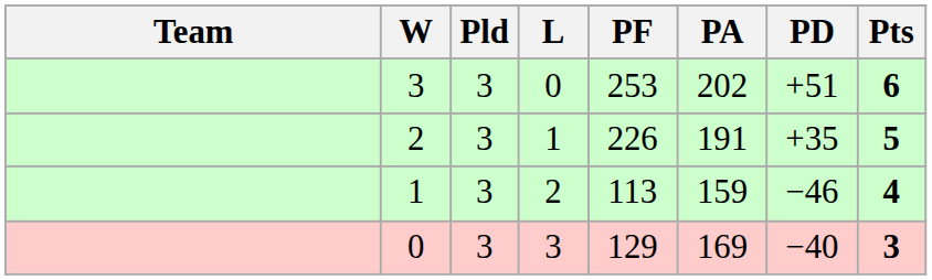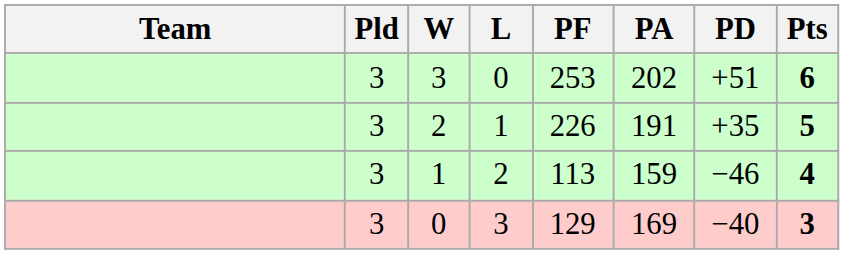 <table class="wikitable" style="text-align:center;">
 <tr>
 <th width=170>Team</th>
+<th width=25>Pld</th>
 <th width=25>W</th>
-<th width=25>Pld</th>
 <th width=25>L</th>
 <th width=35>PF</th>
 <th width=35>PA</th>
 <th width=35>PD</th>
 <th width=25>Pts</th>
 </tr>
 <tr bgcolor=ccffcc>
 <td align="left"></td>
 <td>3</td>
 <td>3</td>
 <td>0</td>
 <td>253</td>
 <td>202</td>
 <td>+51</td>
 <td><strong>6</strong></td>
 </tr>
 <tr bgcolor=ccffcc>
 <td align="left"></td>
+<td>3</td>
 <td>2</td>
-<td>3</td>
 <td>1</td>
 <td>226</td>
 <td>191</td>
 <td>+35</td>
 <td><strong>5</strong></td>
 </tr>
 <tr bgcolor=ccffcc>
 <td align="left"></td>
+<td>3</td>
 <td>1</td>
-<td>3</td>
 <td>2</td>
 <td>113</td>
 <td>159</td>
 <td>−46</td>
 <td><strong>4</strong></td>
 </tr>
 <tr bgcolor=ffcccc>
 <td align="left"></td>
+<td>3</td>
 <td>0</td>
-<td>3</td>
 <td>3</td>
 <td>129</td>
 <td>169</td>
 <td>−40</td>
 <td><strong>3</strong></td>
 </tr>
 </table>
